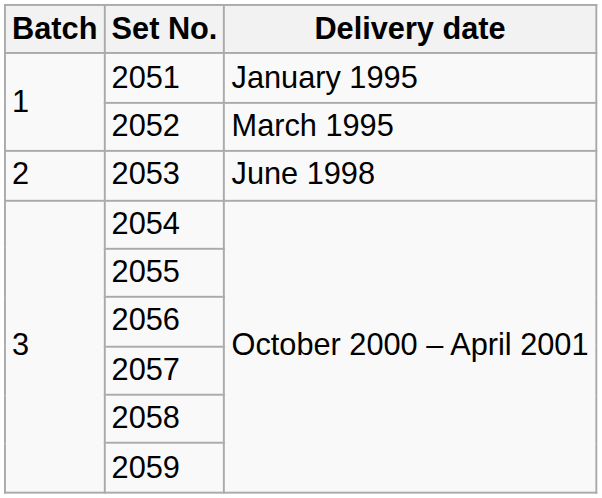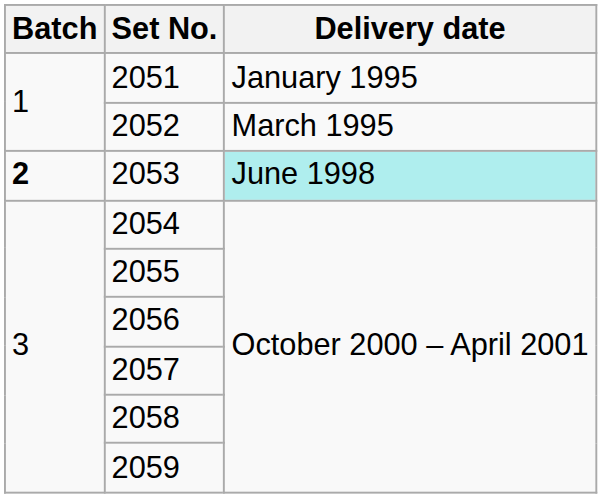 <table class="wikitable">
 <tr>
 <th>Batch</th>
 <th>Set No.</th>
 <th>Delivery date</th>
 </tr>
 <tr>
 <td rowspan = "2">1</td>
 <td>2051</td>
 <td>January 1995</td>
 </tr>
 <tr>
 <td>2052</td>
 <td>March 1995</td>
 </tr>
 <tr>
-<td>2</td>
+<td><strong>2</strong></td>
 <td>2053</td>
-<td>June 1998</td>
+<td style="background: paleturquoise;">June 1998</td>
 </tr>
 <tr>
 <td rowspan = "6">3</td>
 <td>2054</td>
 <td rowspan = "6">October 2000 – April 2001</td>
 </tr>
 <tr>
 <td>2055</td>
 </tr>
 <tr>
 <td>2056</td>
 </tr>
 <tr>
 <td>2057</td>
 </tr>
 <tr>
 <td>2058</td>
 </tr>
 <tr>
 <td>2059</td>
 </tr>
 </table>
